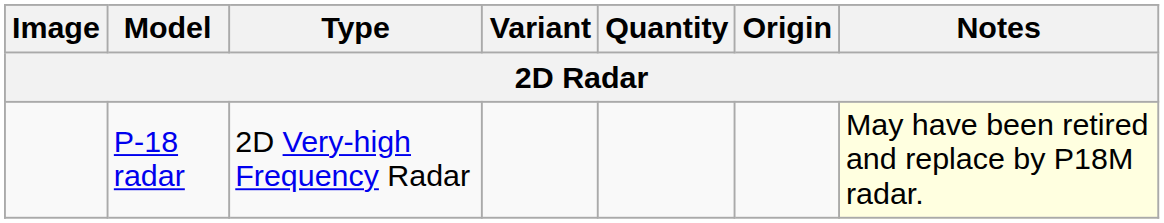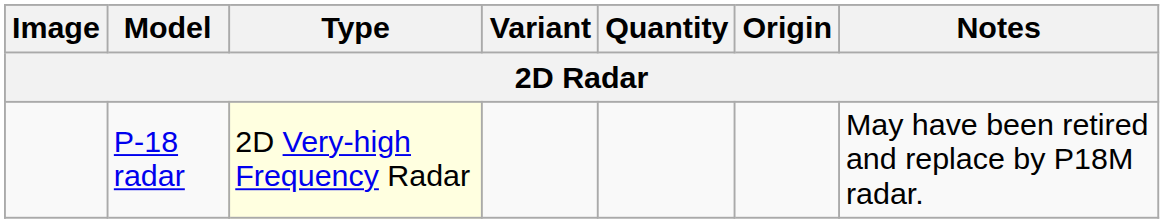 <table class="wikitable">
 <tr>
 <th>Image</th>
 <th>Model</th>
 <th>Type</th>
 <th>Variant</th>
 <th>Quantity</th>
 <th>Origin</th>
 <th>Notes</th>
 </tr>
 <tr>
 <th colspan="7">2D Radar</th>
 </tr>
 <tr>
 <td></td>
 <td><a href='#'>P-18 radar</a></td>
-<td>2D <a href='#'>Very-high Frequency</a> Radar</td>
+<td style="background: lightyellow;">2D <a href='#'>Very-high Frequency</a> Radar</td>
 <td></td>
 <td></td>
 <td></td>
-<td style="background: lightyellow;">May have been retired and replace by P18M radar.</td>
+<td>May have been retired and replace by P18M radar.</td>
 </tr>
 </table>
